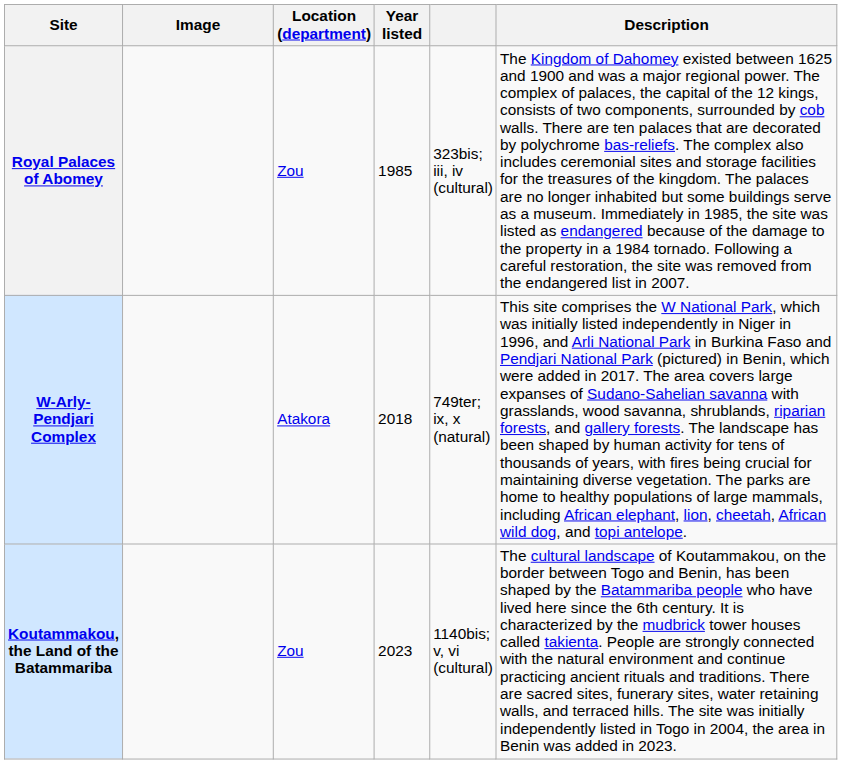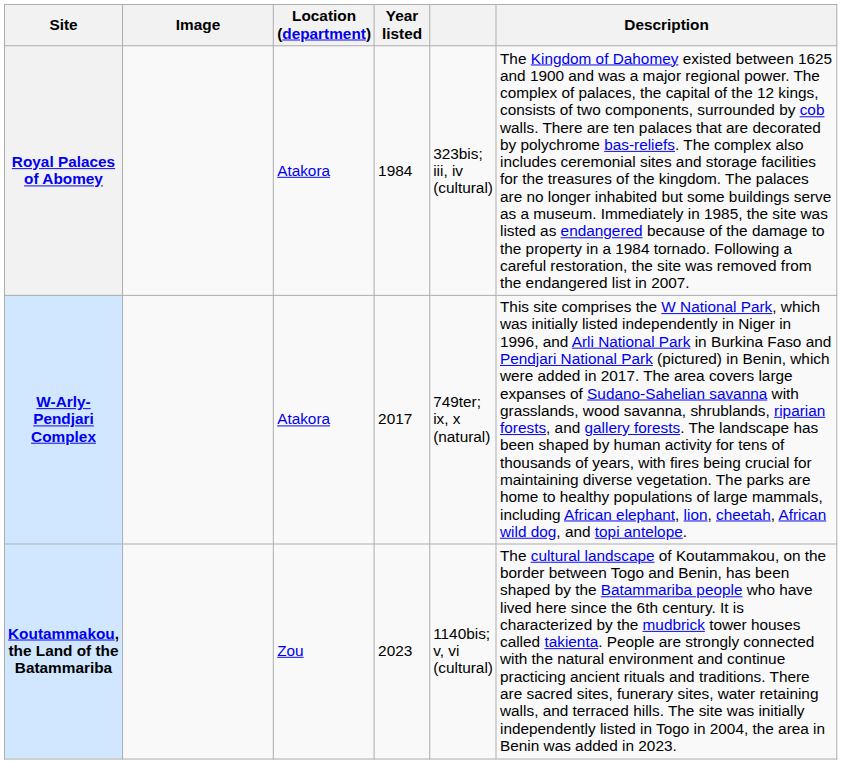 <table class="wikitable sortable plainrowheaders">
 <tr>
 <th style="width:100px;" scope="col">Site</th>
 <th class="unsortable"  style="width:150px;" scope="col">Image</th>
 <th style="width:80px;" scope="col">Location (<a href='#'>department</a>)</th>
 <th style="width:50px;" scope="col">Year listed</th>
 <th style="width:60px;" scope="col" data-sort-type="number"></th>
 <th scope="col" class="unsortable">Description</th>
 </tr>
 <tr>
 <th scope="row"><a href='#'>Royal Palaces of Abomey</a></th>
 <td></td>
-<td><a href='#'>Zou</a></td>
-<td>1985</td>
+<td><a href='#'>Atakora</a></td>
+<td>1984</td>
 <td>323bis; iii, iv (cultural)</td>
 <td>The <a href='#'>Kingdom of Dahomey</a> existed between 1625 and 1900 and was a major regional power. The complex of palaces, the capital of the 12 kings, consists of two components, surrounded by <a href='#'>cob</a> walls. There are ten palaces that are decorated by polychrome <a href='#'>bas-reliefs</a>. The complex also includes ceremonial sites and storage facilities for the treasures of the kingdom. The palaces are no longer inhabited but some buildings serve as a museum. Immediately in 1985, the site was listed as <a href='#'>endangered</a> because of the damage to the property in a 1984 tornado. Following a careful restoration, the site was removed from the endangered list in 2007.</td>
 </tr>
 <tr>
 <th scope="row" style="background:#D0E7FF"><a href='#'>W-Arly-Pendjari Complex</a></th>
 <td></td>
 <td><a href='#'>Atakora</a></td>
-<td>2018</td>
+<td>2017</td>
 <td>749ter; ix, x (natural)</td>
 <td>This site comprises the <a href='#'>W National Park</a>, which was initially listed independently in Niger in 1996, and <a href='#'>Arli National Park</a> in Burkina Faso and <a href='#'>Pendjari National Park</a> (pictured) in Benin, which were added in 2017. The area covers large expanses of <a href='#'>Sudano-Sahelian savanna</a> with grasslands, wood savanna, shrublands, <a href='#'>riparian forests</a>, and <a href='#'>gallery forests</a>. The landscape has been shaped by human activity for tens of thousands of years, with fires being crucial for maintaining diverse vegetation. The parks are home to healthy populations of large mammals, including <a href='#'>African elephant</a>, <a href='#'>lion</a>, <a href='#'>cheetah</a>, <a href='#'>African wild dog</a>, and <a href='#'>topi antelope</a>.</td>
 </tr>
 <tr>
 <th scope="row" style="background:#D0E7FF"><a href='#'>Koutammakou</a>, the Land of the Batammariba</th>
 <td></td>
 <td><a href='#'>Zou</a></td>
 <td>2023</td>
 <td>1140bis; v, vi (cultural)</td>
 <td>The <a href='#'>cultural landscape</a> of Koutammakou, on the border between Togo and Benin, has been shaped by the <a href='#'>Batammariba people</a> who have lived here since the 6th century. It is characterized by the <a href='#'>mudbrick</a> tower houses called <a href='#'>takienta</a>. People are strongly connected with the natural environment and continue practicing ancient rituals and traditions. There are sacred sites, funerary sites, water retaining walls, and terraced hills. The site was initially independently listed in Togo in 2004, the area in Benin was added in 2023.</td>
 </tr>
 </table>
